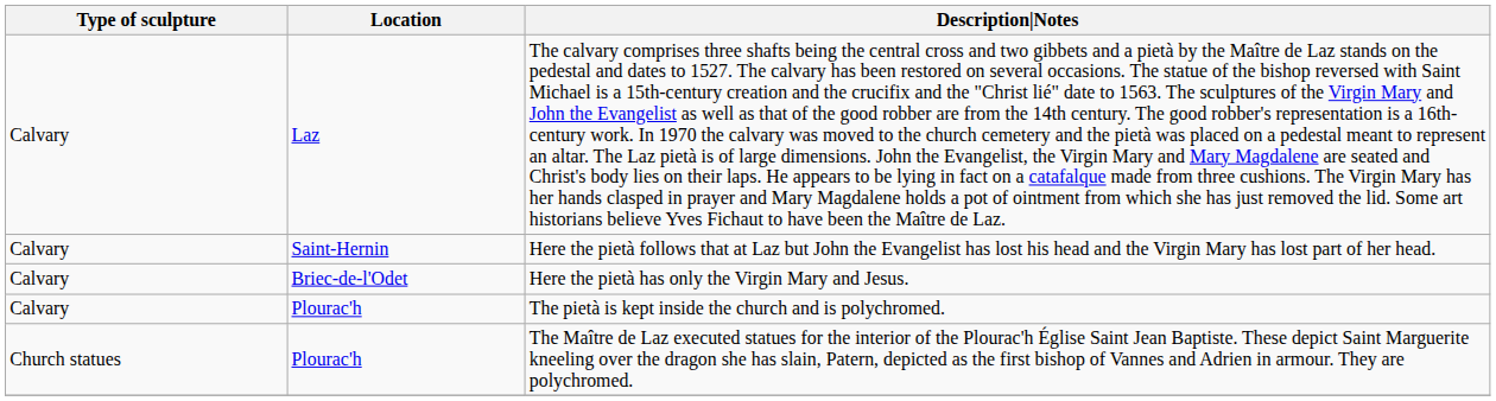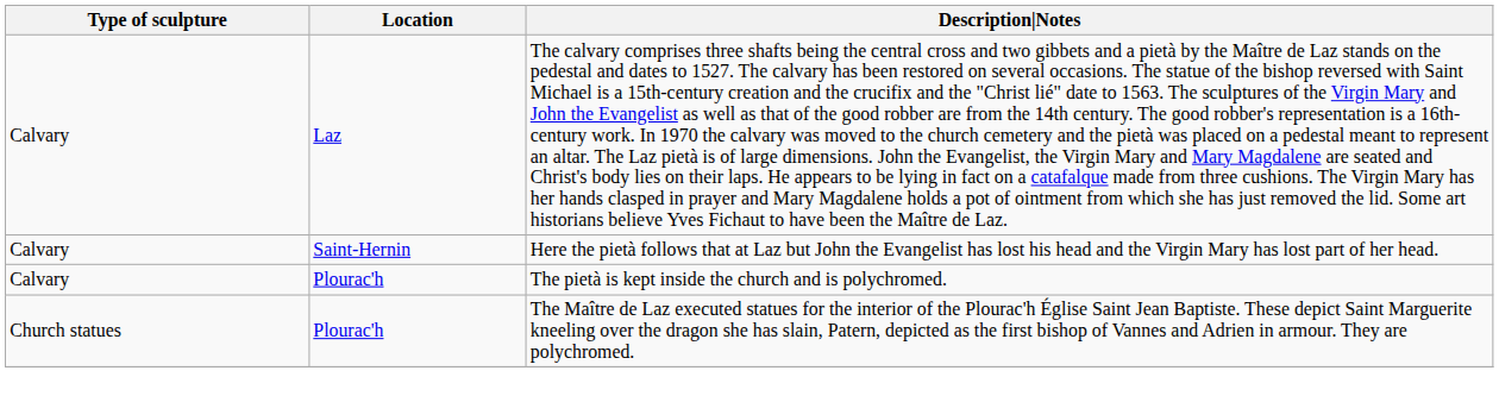 <table class="wikitable sortable" style="width:100%; margin-top:0.5em;">
 <tr>
 <th scope="col">Type of sculpture</th>
 <th scope="col">Location</th>
 <th scope="col" width="65%">Description|Notes</th>
 </tr>
 <tr>
 <td>Calvary</td>
 <td><a href='#'>Laz</a></td>
 <td>The calvary comprises three shafts being the central cross and two gibbets and a pietà by the Maître de Laz stands on the pedestal and dates to 1527. The calvary has been restored on several occasions. The statue of the bishop reversed with Saint Michael is a 15th-century creation and the crucifix and the "Christ lié" date to 1563. The sculptures of the <a href='#'>Virgin Mary</a> and <a href='#'>John the Evangelist</a> as well as that of the good robber are from the 14th century. The good robber's representation is a 16th-century work. In 1970 the calvary was moved to the church cemetery and the pietà was placed on a pedestal meant to represent an altar. The Laz pietà is of large dimensions. John the Evangelist, the Virgin Mary and <a href='#'>Mary Magdalene</a> are seated and Christ's body lies on their laps. He appears to be lying in fact on a <a href='#'>catafalque</a> made from three cushions. The Virgin Mary has her hands clasped in prayer and Mary Magdalene holds a pot of ointment from which she has just removed the lid.  Some art historians believe Yves Fichaut to have been the Maître de Laz.<br>  </td>
 </tr>
 <tr>
 <td>Calvary</td>
 <td><a href='#'>Saint-Hernin</a></td>
 <td>Here the pietà follows that at Laz but John the Evangelist has lost his head and the Virgin Mary has lost part of her head.<br> </td>
 </tr>
 <tr>
 <td>Calvary</td>
-<td><a href='#'>Briec-de-l'Odet</a></td>
-<td>Here the pietà has only the Virgin Mary and Jesus.</td>
-</tr>
-<tr>
-<td>Calvary</td>
 <td><a href='#'>Plourac'h</a></td>
 <td>The pietà is kept inside the church and is polychromed.</td>
 </tr>
 <tr>
 <td>Church statues</td>
 <td><a href='#'>Plourac'h</a></td>
 <td>The Maître de Laz executed statues for the interior of the Plourac'h Église Saint Jean Baptiste. These depict Saint Marguerite kneeling over the dragon she has slain, Patern, depicted as the first bishop of Vannes and Adrien in armour. They are polychromed.<br></td>
 </tr>
 <tr>
 </tr>
 </table>
